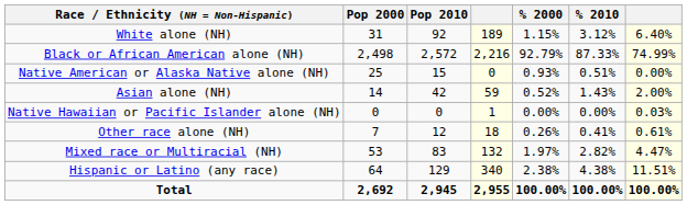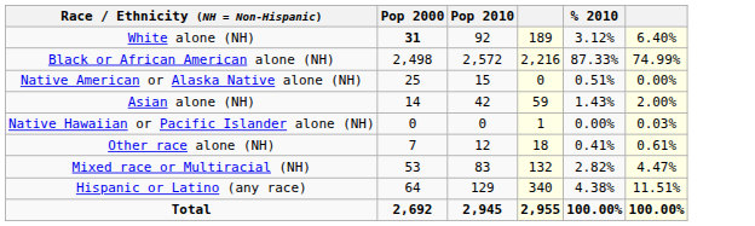 <table class="wikitable" style="text-align:center;">
 <tr>
 <th>Race / Ethnicity <small>(<em>NH = Non-Hispanic</em>)</small></th>
 <th>Pop 2000</th>
 <th>Pop 2010</th>
 <th></th>
-<th>% 2000</th>
 <th>% 2010</th>
 <th></th>
 </tr>
 <tr>
 <td><a href='#'>White</a> alone (NH)</td>
-<td>31</td>
+<td><strong>31</strong></td>
 <td>92</td>
 <td style='background: #ffffe6;'>189</td>
-<td>1.15%</td>
 <td>3.12%</td>
 <td style='background: #ffffe6;'>6.40%</td>
 </tr>
 <tr>
 <td><a href='#'>Black or African American</a> alone (NH)</td>
 <td>2,498</td>
 <td>2,572</td>
 <td style='background: #ffffe6;'>2,216</td>
-<td>92.79%</td>
 <td>87.33%</td>
 <td style='background: #ffffe6;'>74.99%</td>
 </tr>
 <tr>
 <td><a href='#'>Native American</a> or <a href='#'>Alaska Native</a> alone (NH)</td>
 <td>25</td>
 <td>15</td>
 <td style='background: #ffffe6;'>0</td>
-<td>0.93%</td>
 <td>0.51%</td>
 <td style='background: #ffffe6;'>0.00%</td>
 </tr>
 <tr>
 <td><a href='#'>Asian</a> alone (NH)</td>
 <td>14</td>
 <td>42</td>
 <td style='background: #ffffe6;'>59</td>
-<td>0.52%</td>
 <td>1.43%</td>
 <td style='background: #ffffe6;'>2.00%</td>
 </tr>
 <tr>
 <td><a href='#'>Native Hawaiian</a> or <a href='#'>Pacific Islander</a> alone (NH)</td>
 <td>0</td>
 <td>0</td>
 <td style='background: #ffffe6;'>1</td>
 <td>0.00%</td>
-<td>0.00%</td>
 <td style='background: #ffffe6;'>0.03%</td>
 </tr>
 <tr>
 <td><a href='#'>Other race</a> alone (NH)</td>
 <td>7</td>
 <td>12</td>
 <td style='background: #ffffe6;'>18</td>
-<td>0.26%</td>
 <td>0.41%</td>
 <td style='background: #ffffe6;'>0.61%</td>
 </tr>
 <tr>
 <td><a href='#'>Mixed race or Multiracial</a> (NH)</td>
 <td>53</td>
 <td>83</td>
 <td style='background: #ffffe6;'>132</td>
-<td>1.97%</td>
 <td>2.82%</td>
 <td style='background: #ffffe6;'>4.47%</td>
 </tr>
 <tr>
 <td><a href='#'>Hispanic or Latino</a> (any race)</td>
 <td>64</td>
 <td>129</td>
 <td style='background: #ffffe6;'>340</td>
-<td>2.38%</td>
 <td>4.38%</td>
 <td style='background: #ffffe6;'>11.51%</td>
 </tr>
 <tr>
 <td><strong>Total</strong></td>
 <td><strong>2,692</strong></td>
 <td><strong>2,945</strong></td>
 <td style='background: #ffffe6;'><strong>2,955</strong></td>
 <td><strong>100.00%</strong></td>
-<td><strong>100.00%</strong></td>
 <td style='background: #ffffe6;'><strong>100.00%</strong></td>
 </tr>
 </table>
